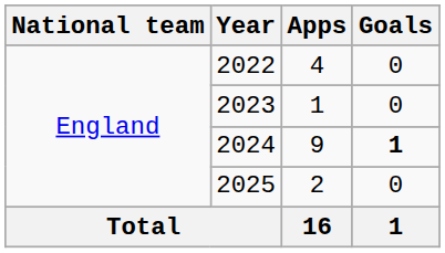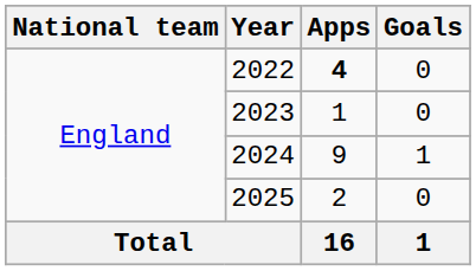 <table class="wikitable" style="text-align: center;">
 <tr>
 <th>National team</th>
 <th>Year</th>
 <th>Apps</th>
 <th>Goals</th>
 </tr>
 <tr>
 <td rowspan="4"><a href='#'>England</a></td>
 <td>2022</td>
-<td>4</td>
+<td><strong>4</strong></td>
 <td>0</td>
 </tr>
 <tr>
 <td>2023</td>
 <td>1</td>
 <td>0</td>
 </tr>
 <tr>
 <td>2024</td>
 <td>9</td>
-<td><strong>1</strong></td>
+<td>1</td>
 </tr>
 <tr>
 <td>2025</td>
 <td>2</td>
 <td>0</td>
 </tr>
 <tr>
 <th colspan="2">Total</th>
 <th>16</th>
 <th>1</th>
 </tr>
 </table>
